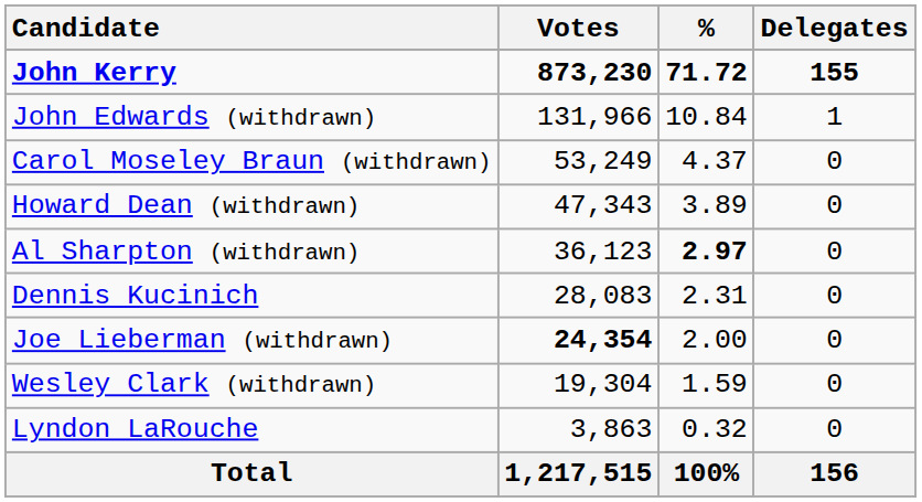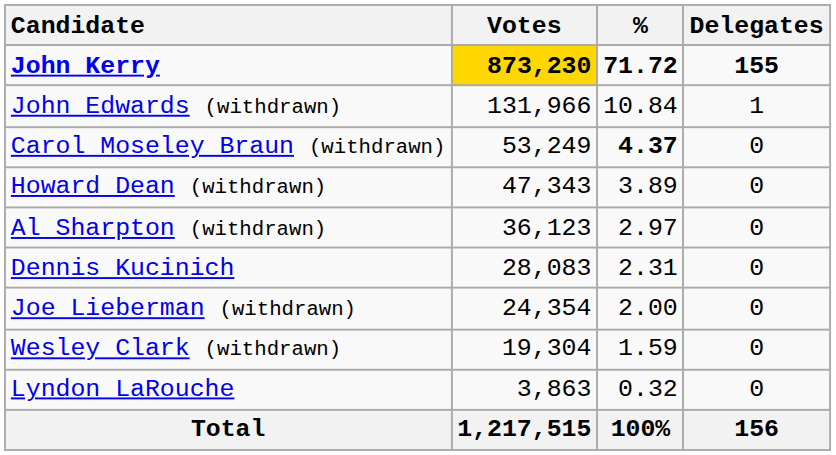 <table class="wikitable sortable plainrowheaders" style="text-align:right;">
 <tr>
 <th style="text-align:left;">Candidate</th>
 <th>Votes</th>
 <th>%</th>
 <th>Delegates</th>
 </tr>
 <tr>
 </tr>
 <tr>
 <td style="text-align:left;"><strong><a href='#'>John Kerry</a></strong></td>
-<td><strong>873,230</strong></td>
+<td style="background: gold;"><strong>873,230</strong></td>
 <td><strong>71.72</strong></td>
 <td style="text-align:center;"><strong>155</strong></td>
 </tr>
 <tr>
 <td style="text-align:left;"><a href='#'>John Edwards</a> <small>(withdrawn)</small></td>
 <td>131,966</td>
 <td>10.84</td>
 <td style="text-align:center;">1</td>
 </tr>
 <tr>
 <td style="text-align:left;"><a href='#'>Carol Moseley Braun</a> <small>(withdrawn)</small></td>
 <td>53,249</td>
-<td>4.37</td>
+<td><strong>4.37</strong></td>
 <td style="text-align:center;">0</td>
 </tr>
 <tr>
 <td style="text-align:left;"><a href='#'>Howard Dean</a> <small>(withdrawn)</small></td>
 <td>47,343</td>
 <td>3.89</td>
 <td style="text-align:center;">0</td>
 </tr>
 <tr>
 <td style="text-align:left;"><a href='#'>Al Sharpton</a> <small>(withdrawn)</small></td>
 <td>36,123</td>
-<td><strong>2.97</strong></td>
+<td>2.97</td>
 <td style="text-align:center;">0</td>
 </tr>
 <tr>
 <td style="text-align:left;"><a href='#'>Dennis Kucinich</a></td>
 <td>28,083</td>
 <td>2.31</td>
 <td style="text-align:center;">0</td>
 </tr>
 <tr>
 <td style="text-align:left;"><a href='#'>Joe Lieberman</a> <small>(withdrawn)</small></td>
-<td><strong>24,354</strong></td>
+<td>24,354</td>
 <td>2.00</td>
 <td style="text-align:center;">0</td>
 </tr>
 <tr>
 <td style="text-align:left;"><a href='#'>Wesley Clark</a> <small>(withdrawn)</small></td>
 <td>19,304</td>
 <td>1.59</td>
 <td style="text-align:center;">0</td>
 </tr>
 <tr>
 <td style="text-align:left;"><a href='#'>Lyndon LaRouche</a></td>
 <td>3,863</td>
 <td>0.32</td>
 <td style="text-align:center;">0</td>
 </tr>
 <tr class="sortbottom">
 <th>Total</th>
 <th>1,217,515</th>
 <th>100%</th>
 <th>156</th>
 </tr>
 </table>
